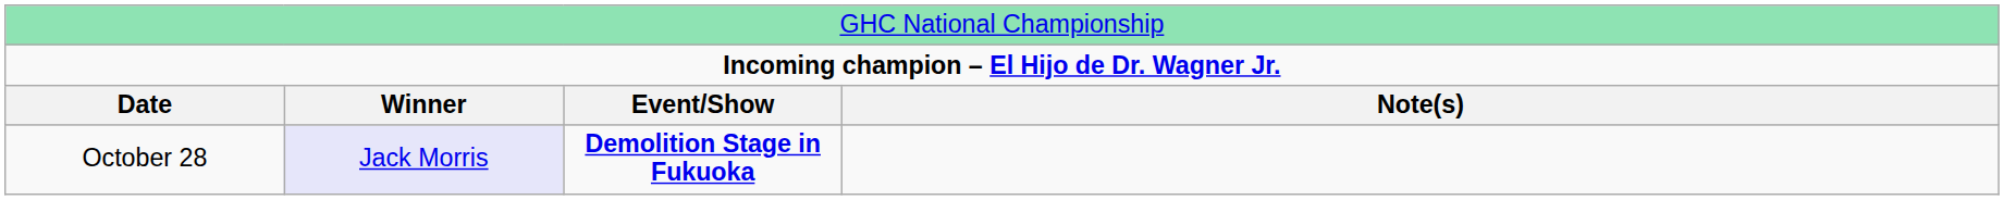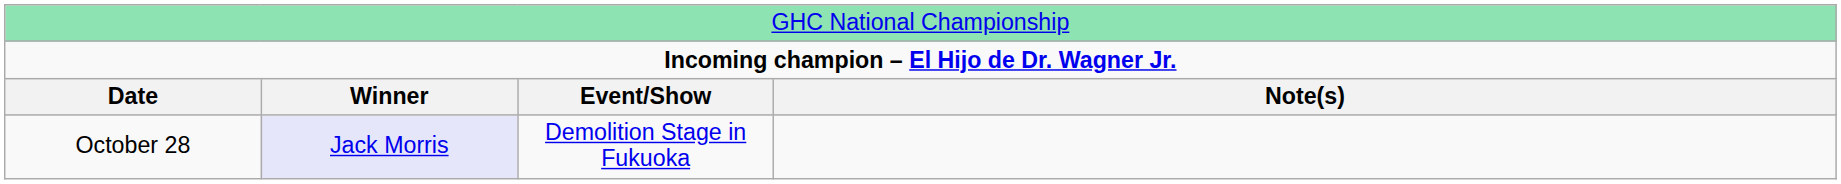 <table class="wikitable" style="text-align:center; width:100%;">
 <tr style="background:#8ee3b3;">
 <td colspan="5" style="text-align: center;"><a href='#'>GHC National Championship</a></td>
 </tr>
 <tr>
 <td colspan="5" style="text-align: center;"><strong>Incoming champion – <a href='#'>El Hijo de Dr. Wagner Jr.</a></strong></td>
 </tr>
 <tr>
 <th width=14%>Date</th>
 <th width=14%>Winner</th>
 <th width=14%>Event/Show</th>
 <th width=58%>Note(s)</th>
 </tr>
 <tr>
 <td>October 28</td>
 <td style="background: lavender;"><a href='#'>Jack Morris</a></td>
-<td><strong><a href='#'>Demolition Stage in Fukuoka</a></strong></td>
+<td><a href='#'>Demolition Stage in Fukuoka</a></td>
 </tr>
 </table>
